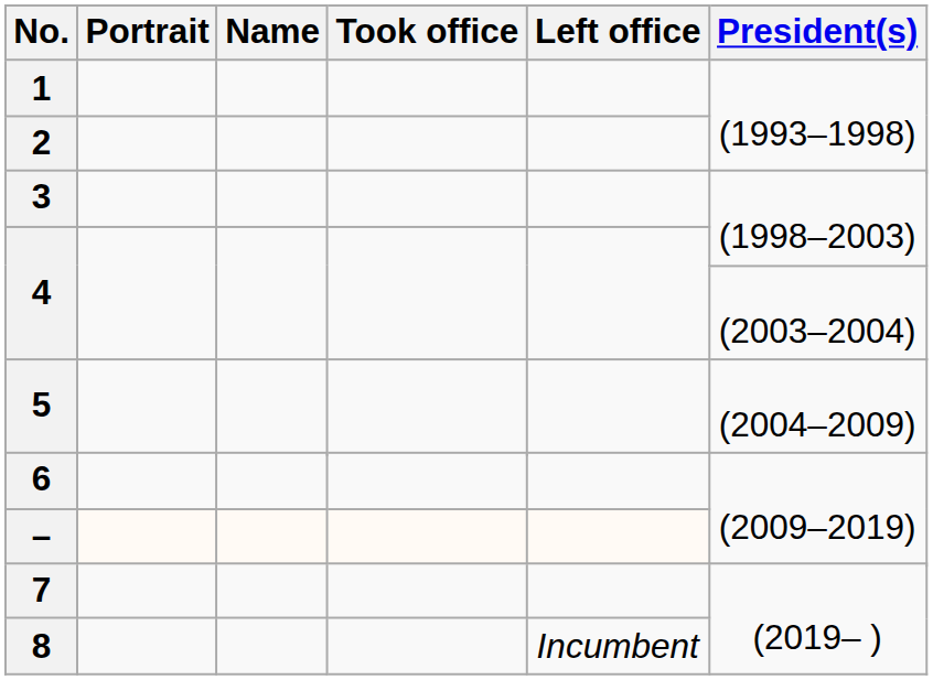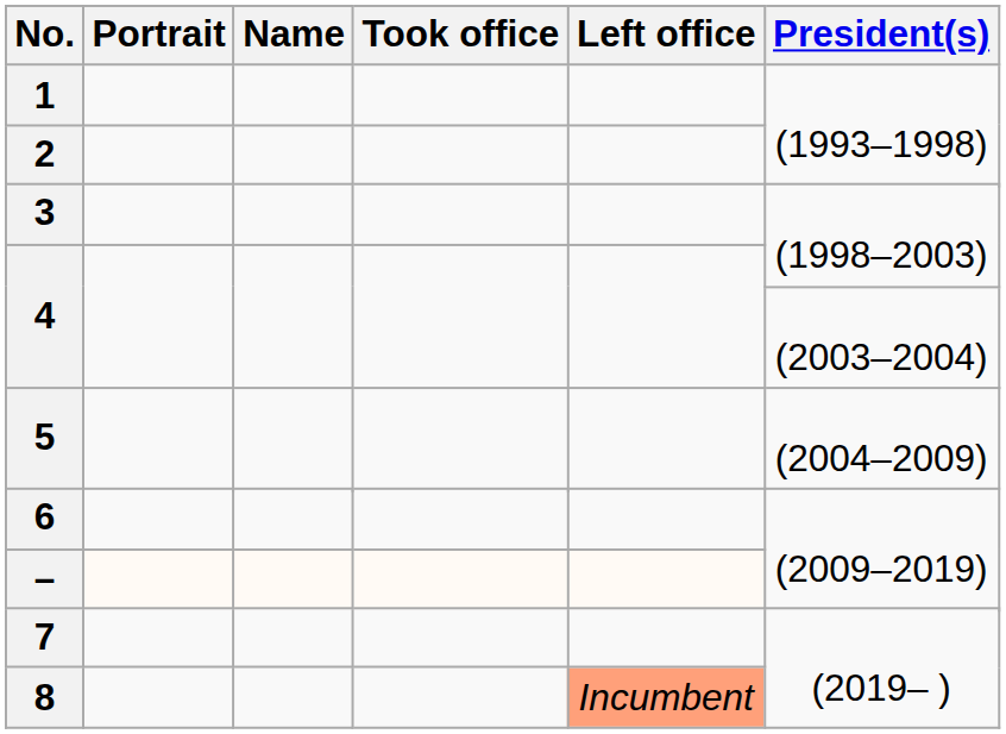 <table class="wikitable sortable mw-collapsible" style="text-align:center">
 <tr>
 <th>No.</th>
 <th>Portrait</th>
 <th>Name</th>
 <th>Took office</th>
 <th>Left office</th>
 <th><a href='#'>President(s)</a></th>
 </tr>
 <tr>
 <th>1</th>
 <td></td>
 <td></td>
 <td></td>
 <td></td>
 <td rowspan="3"><br>(1993–1998)</td>
 </tr>
 <tr>
 <th>2</th>
 <td></td>
 <td></td>
 <td></td>
 <td></td>
 </tr>
 <tr>
 <th rowspan="2">3</th>
 <td rowspan="2"></td>
 <td rowspan="2"></td>
 <td rowspan="2"></td>
 <td rowspan="2"></td>
 </tr>
 <tr>
 <td rowspan="2"><br>(1998–2003)</td>
 </tr>
 <tr>
 <th rowspan="3">4</th>
 <td rowspan="3"></td>
 <td rowspan="3"></td>
 <td rowspan="3"></td>
 <td rowspan="3"></td>
 </tr>
 <tr>
 <td><br>(2003–2004)</td>
 </tr>
 <tr>
 <td rowspan="2"><br>(2004–2009)</td>
 </tr>
 <tr>
 <th rowspan="2">5</th>
 <td rowspan="2"></td>
 <td rowspan="2"></td>
 <td rowspan="2"></td>
 <td rowspan="2"></td>
 </tr>
 <tr>
 <td rowspan="4"><br>(2009–2019)</td>
 </tr>
 <tr>
 <th>6</th>
 <td></td>
 <td></td>
 <td></td>
 <td></td>
 </tr>
 <tr>
 <th>–</th>
 <td style="background:#FFFAF5;"></td>
 <td style="background:#FFFAF5;"></td>
 <td style="background:#FFFAF5;"></td>
 <td style="background:#FFFAF5;"></td>
 </tr>
 <tr>
 <th rowspan="2">7</th>
 <td rowspan="2"></td>
 <td rowspan="2"></td>
 <td rowspan="2"></td>
 <td rowspan="2"></td>
 </tr>
 <tr>
 <td rowspan="2"><br>(2019– )</td>
 </tr>
 <tr>
 <th>8</th>
 <td></td>
 <td></td>
 <td></td>
-<td><em>Incumbent</em></td>
+<td style="background: lightsalmon;"><em>Incumbent</em></td>
 </tr>
 </table>
